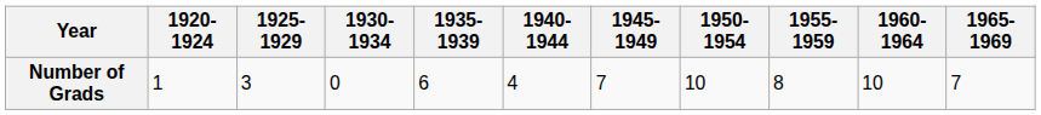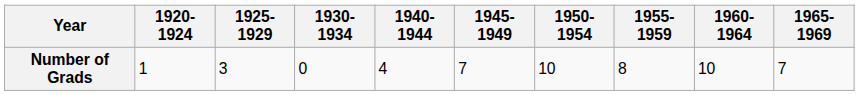 <table class="wikitable" style="display: inline-table;">
 <tr>
 <th>Year</th>
 <th>1920-1924</th>
 <th>1925-1929</th>
 <th>1930-1934</th>
-<th>1935-1939</th>
 <th>1940-1944</th>
 <th>1945-1949</th>
 <th>1950-1954</th>
 <th>1955-1959</th>
 <th>1960-1964</th>
 <th>1965-1969</th>
 </tr>
 <tr>
 <th>Number of Grads</th>
 <td>1</td>
 <td>3</td>
 <td>0</td>
-<td>6</td>
 <td>4</td>
 <td>7</td>
 <td>10</td>
 <td>8</td>
 <td>10</td>
 <td>7</td>
 </tr>
 </table>
